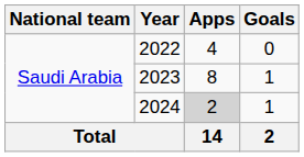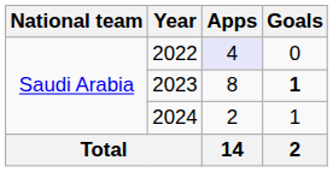 <table class="wikitable" style="text-align:center">
 <tr>
 <th>National team</th>
 <th>Year</th>
 <th>Apps</th>
 <th>Goals</th>
 </tr>
 <tr>
 <td rowspan="3"><a href='#'>Saudi Arabia</a></td>
 <td>2022</td>
-<td>4</td>
+<td style="background: lavender;">4</td>
 <td>0</td>
 </tr>
 <tr>
 <td>2023</td>
 <td>8</td>
-<td>1</td>
+<td><strong>1</strong></td>
 </tr>
 <tr>
 <td>2024</td>
-<td style="background: lightgrey;">2</td>
+<td>2</td>
 <td>1</td>
 </tr>
 <tr>
 <th colspan="2">Total</th>
 <th>14</th>
 <th>2</th>
 </tr>
 </table>
